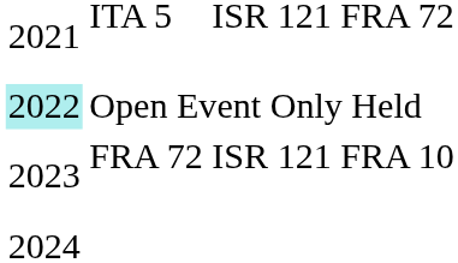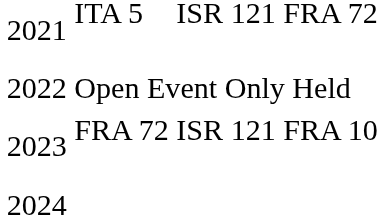 <table>
 <tr>
 <td>2021</td>
 <td>ITA 5<br><br></td>
 <td>ISR 121<br><br></td>
 <td>FRA 72<br><br></td>
 </tr>
 <tr>
-<td style="background: paleturquoise;">2022</td>
+<td>2022</td>
 <td colspan=3>Open Event Only Held</td>
 </tr>
 <tr>
 <td>2023</td>
 <td>FRA 72<br><br></td>
 <td>ISR 121<br><br></td>
 <td>FRA 10<br><br></td>
 </tr>
 <tr>
 <td>2024</td>
 <td><br></td>
 <td><br></td>
 <td><br></td>
 </tr>
 </table>
